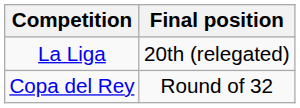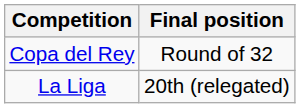 <table class="wikitable" style="font-size:100%; text-align:center">
 <tr>
 <th>Competition</th>
 <th>Final position</th>
 </tr>
 <tr style="background:">
+<td><a href='#'>Copa del Rey</a></td>
+<td>Round of 32</td>
+</tr>
+<tr style="background:">
 <td><a href='#'>La Liga</a></td>
 <td>20th (relegated)</td>
 </tr>
-<tr style="background:">
-<td><a href='#'>Copa del Rey</a></td>
-<td>Round of 32</td>
-</tr>
 </table>
